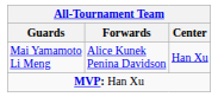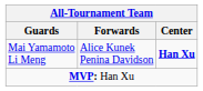 <table class=wikitable style="margin:auto">
 <tr>
 <th colspan=3 align=center><a href='#'>All-Tournament Team</a></th>
 </tr>
 <tr>
 <th>Guards</th>
 <th>Forwards</th>
 <th>Center</th>
 </tr>
 <tr>
 <td> <a href='#'>Mai Yamamoto</a><br> <a href='#'>Li Meng</a></td>
 <td> <a href='#'>Alice Kunek</a><br> <a href='#'>Penina Davidson</a></td>
-<td> <a href='#'>Han Xu</a></td>
+<td><strong> <a href='#'>Han Xu</a></strong></td>
 </tr>
 <tr>
 <td colspan=3 align=center><strong><a href='#'>MVP</a>:</strong>  Han Xu</td>
 </tr>
 </table>
